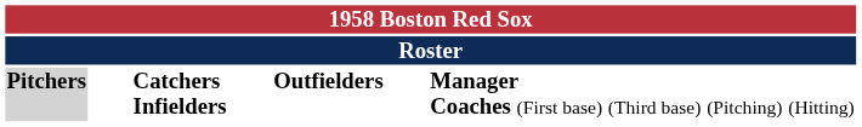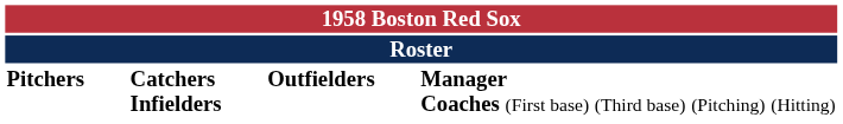 <table class="toccolours" style="text-align: left;">
 <tr>
 <th colspan="10" style="background-color: #ba313c; color: white; text-align: center;">1958 Boston Red Sox</th>
 </tr>
 <tr>
 <td colspan="10" style="background-color: #0d2b56; color: white; text-align: center;"><strong>Roster</strong></td>
 </tr>
 <tr>
-<td valign="top" style="background: lightgrey;"><strong>Pitchers</strong><br>                 </td>
+<td valign="top"><strong>Pitchers</strong><br>                 </td>
 <td width="25px"></td>
 <td valign="top"><strong>Catchers</strong><br>   <strong>Infielders</strong>        </td>
 <td width="25px"></td>
 <td valign="top"><strong>Outfielders</strong><br>     </td>
 <td width="25px"></td>
 <td valign="top"><strong>Manager</strong><br> <strong>Coaches</strong>  <small>(First base)</small>  <small>(Third base)</small>  <small>(Pitching)</small>  <small>(Hitting)</small></td>
 </tr>
 <tr>
 </tr>
 </table>
